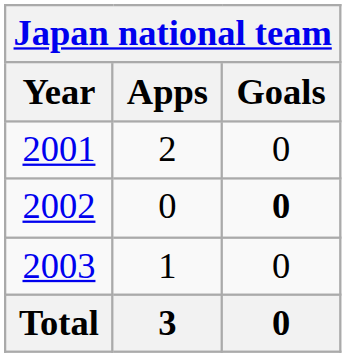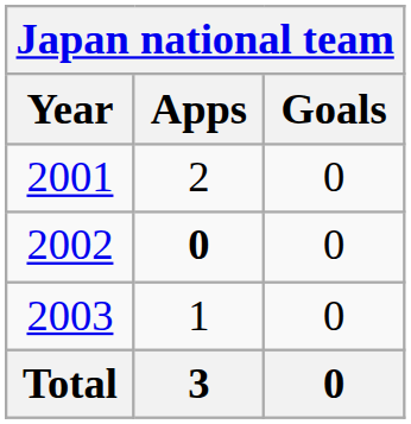 <table class="wikitable" style="text-align:center">
 <tr>
 <th colspan=3><a href='#'>Japan national team</a></th>
 </tr>
 <tr>
 <th>Year</th>
 <th>Apps</th>
 <th>Goals</th>
 </tr>
 <tr>
 <td><a href='#'>2001</a></td>
 <td>2</td>
 <td>0</td>
 </tr>
 <tr>
 <td><a href='#'>2002</a></td>
+<td><strong>0</strong></td>
 <td>0</td>
-<td><strong>0</strong></td>
 </tr>
 <tr>
 <td><a href='#'>2003</a></td>
 <td>1</td>
 <td>0</td>
 </tr>
 <tr>
 <th>Total</th>
 <th>3</th>
 <th>0</th>
 </tr>
 </table>
